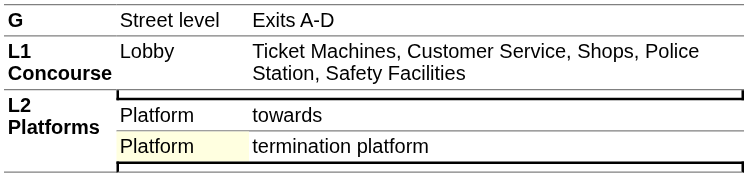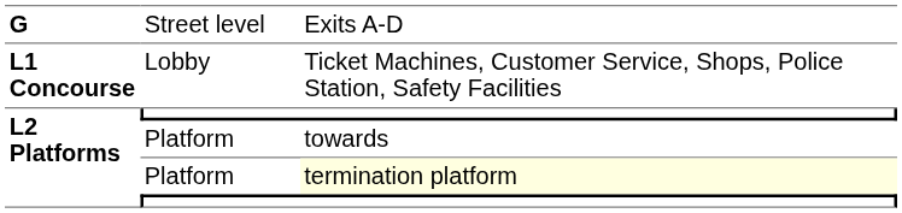 <table table border=0 cellspacing=0 cellpadding=3>
 <tr>
 <td style="border-top:solid 1px gray;" width=50 valign=top><strong>G</strong></td>
 <td style="border-top:solid 1px gray;" width=100 valign=top>Street level</td>
 <td style="border-top:solid 1px gray;" width=390 valign=top>Exits A-D</td>
 </tr>
 <tr>
 <td style="border-bottom:solid 1px gray; border-top:solid 1px gray;" valign=top><strong>L1<br>Concourse</strong></td>
 <td style="border-bottom:solid 1px gray; border-top:solid 1px gray;" valign=top>Lobby</td>
 <td style="border-bottom:solid 1px gray; border-top:solid 1px gray;" valign=top>Ticket Machines, Customer Service, Shops, Police Station, Safety Facilities</td>
 </tr>
 <tr>
 <td style="border-bottom:solid 1px gray;" rowspan=4 valign=top><strong>L2<br>Platforms</strong></td>
 <td style="border-right:solid 2px black;border-left:solid 2px black;border-bottom:solid 2px black;text-align:center;" colspan=2></td>
 </tr>
 <tr>
 <td style="border-bottom:solid 1px gray;" width=100>Platform </td>
 <td style="border-bottom:solid 1px gray;" width=390>  towards  </td>
 </tr>
 <tr>
-<td style="background: lightyellow;">Platform </td>
-<td> termination platform </td>
+<td>Platform </td>
+<td style="background: lightyellow;"> termination platform </td>
 </tr>
 <tr>
 <td style="border-top:solid 2px black;border-right:solid 2px black;border-left:solid 2px black;border-bottom:solid 1px gray;text-align:center;" colspan=2></td>
 </tr>
 </table>
